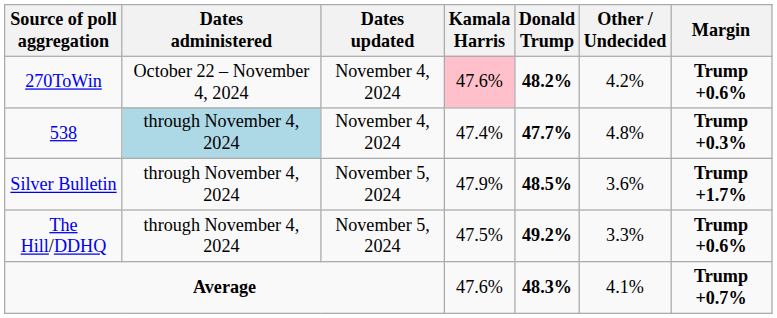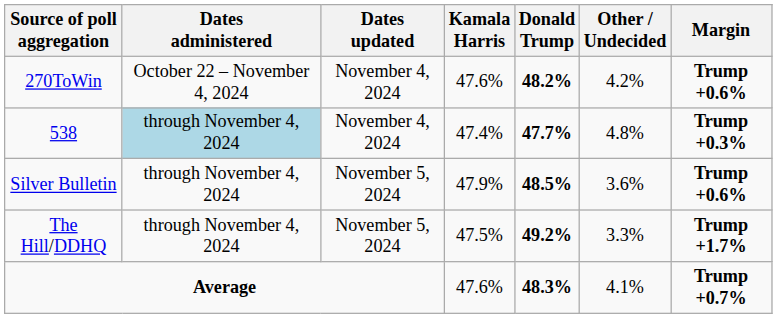 <table class="wikitable sortable" style="text-align:center;font-size:90%;line-height:17px">
 <tr>
 <th>Source of poll<br>aggregation</th>
 <th>Dates<br>administered</th>
 <th>Dates<br>updated</th>
 <th class="unsortable">Kamala<br>Harris<br><small></small></th>
 <th class="unsortable">Donald<br>Trump<br><small></small></th>
 <th>Other /<br>Undecided<br></th>
 <th>Margin</th>
 </tr>
 <tr>
 <td><a href='#'>270ToWin</a></td>
 <td>October 22 – November 4, 2024</td>
 <td>November 4, 2024</td>
-<td style="background: pink;">47.6%</td>
+<td>47.6%</td>
 <td style="background-color:"><strong>48.2%</strong></td>
 <td>4.2%</td>
 <td style="background-color:"><strong>Trump +0.6%</strong></td>
 </tr>
 <tr>
 <td><a href='#'>538</a></td>
 <td style="background: lightblue;">through November 4, 2024</td>
 <td>November 4, 2024</td>
 <td>47.4%</td>
 <td style="color:black;background-color:"><strong>47.7%</strong></td>
 <td>4.8%</td>
 <td style="color:black;background-color:"><strong>Trump +0.3%</strong></td>
 </tr>
 <tr>
 <td><a href='#'>Silver Bulletin</a></td>
 <td>through November 4, 2024</td>
 <td>November 5, 2024</td>
 <td>47.9%</td>
 <td style="background-color:"><strong>48.5%</strong></td>
 <td>3.6%</td>
-<td style="background-color:"><strong>Trump +1.7%</strong></td>
+<td style="background-color:"><strong>Trump +0.6%</strong></td>
 </tr>
 <tr>
 <td><a href='#'>The Hill</a>/<a href='#'>DDHQ</a></td>
 <td>through November 4, 2024</td>
 <td>November 5, 2024</td>
 <td>47.5%</td>
 <td style="background-color:"><strong>49.2%</strong></td>
 <td>3.3%</td>
-<td style="background-color:"><strong>Trump +0.6%</strong></td>
+<td style="background-color:"><strong>Trump +1.7%</strong></td>
 </tr>
 <tr>
 <td colspan="3"><strong>Average</strong></td>
 <td>47.6%</td>
 <td style="background-color:"><strong>48.3%</strong></td>
 <td>4.1%</td>
 <td style="background-color:"><strong>Trump +0.7%</strong></td>
 </tr>
 </table>
